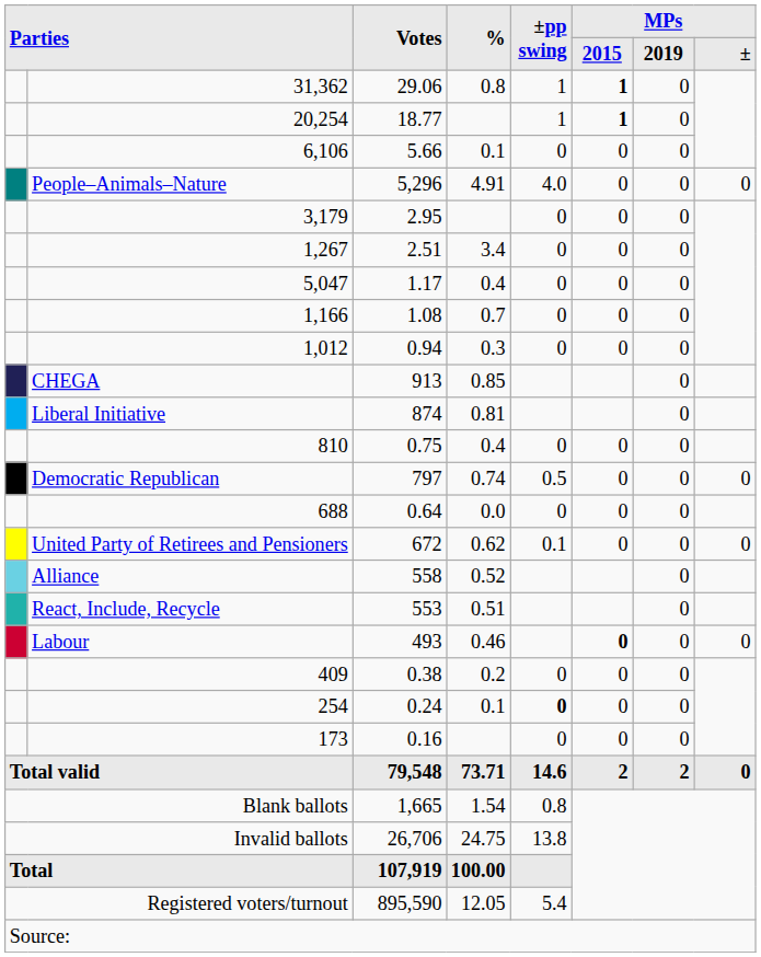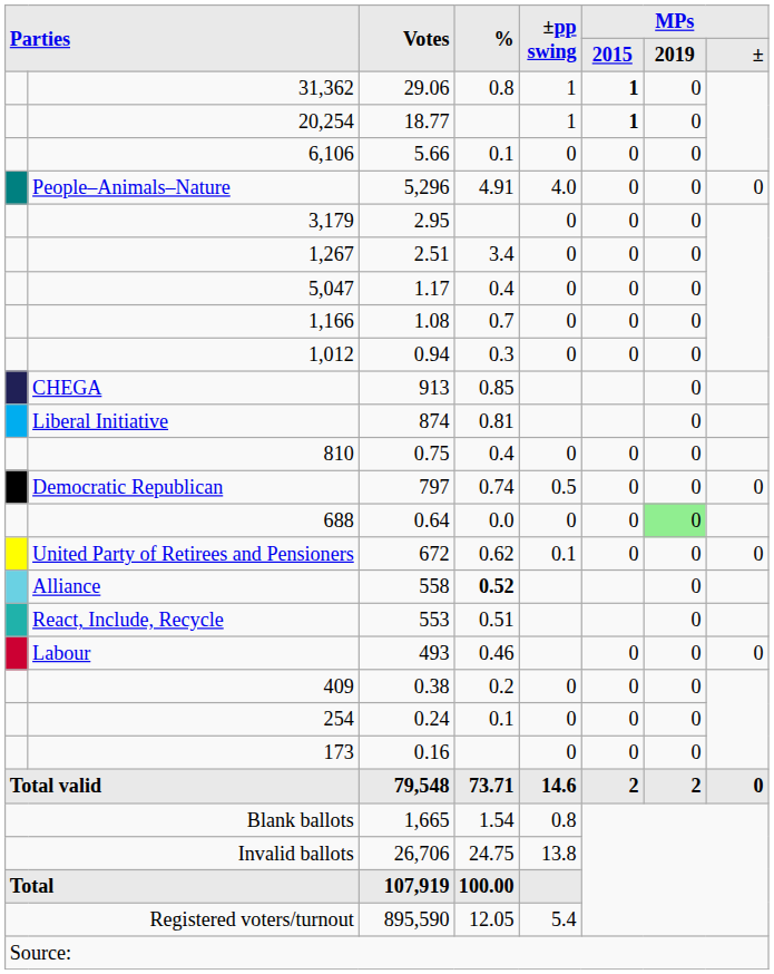 <table class="wikitable" style="text-align:right; font-size:95%;">
 <tr>
 <th rowspan="2" colspan="2" style="background:#e9e9e9; text-align:left;" alignleft><a href='#'>Parties</a></th>
 <th rowspan="2" style="background:#e9e9e9; text-align:right;">Votes</th>
 <th rowspan="2" style="background:#e9e9e9; text-align:right;">%</th>
 <th rowspan="2" style="background:#e9e9e9; text-align:right;">±<a href='#'>pp</a> <a href='#'>swing</a></th>
 <th colspan="3" style="background:#e9e9e9; text-align:center;"><a href='#'>MPs</a></th>
 </tr>
 <tr style="background-color:#E9E9E9">
 <th style="background-color:#E9E9E9;text-align:center;"><a href='#'>2015</a></th>
 <th style="background-color:#E9E9E9;text-align:center;">2019</th>
 <th style="background:#e9e9e9; text-align:right;">±</th>
 </tr>
 <tr>
 <td></td>
 <td>31,362</td>
 <td>29.06</td>
 <td>0.8</td>
 <td>1</td>
 <td><strong>1</strong></td>
 <td>0</td>
 </tr>
 <tr>
 <td></td>
 <td>20,254</td>
 <td>18.77</td>
 <td></td>
 <td>1</td>
 <td><strong>1</strong></td>
 <td>0</td>
 </tr>
 <tr>
 <td></td>
 <td>6,106</td>
 <td>5.66</td>
 <td>0.1</td>
 <td>0</td>
 <td>0</td>
 <td>0</td>
 </tr>
 <tr>
 <td style="width: 10px" bgcolor="teal" align="center"></td>
 <td align="left"><a href='#'>People–Animals–Nature</a></td>
 <td>5,296</td>
 <td>4.91</td>
 <td>4.0</td>
 <td>0</td>
 <td>0</td>
 <td>0</td>
 </tr>
 <tr>
 <td></td>
 <td>3,179</td>
 <td>2.95</td>
 <td></td>
 <td>0</td>
 <td>0</td>
 <td>0</td>
 </tr>
 <tr>
 <td></td>
 <td>1,267</td>
 <td>2.51</td>
 <td>3.4</td>
 <td>0</td>
 <td>0</td>
 <td>0</td>
 </tr>
 <tr>
 <td></td>
 <td>5,047</td>
 <td>1.17</td>
 <td>0.4</td>
 <td>0</td>
 <td>0</td>
 <td>0</td>
 </tr>
 <tr>
 <td></td>
 <td>1,166</td>
 <td>1.08</td>
 <td>0.7</td>
 <td>0</td>
 <td>0</td>
 <td>0</td>
 </tr>
 <tr>
 <td></td>
 <td>1,012</td>
 <td>0.94</td>
 <td>0.3</td>
 <td>0</td>
 <td>0</td>
 <td>0</td>
 </tr>
 <tr>
 <td style="width: 10px" bgcolor="#202056" align="center"></td>
 <td align="left"><a href='#'>CHEGA</a></td>
 <td>913</td>
 <td>0.85</td>
 <td></td>
 <td></td>
 <td>0</td>
 <td></td>
 </tr>
 <tr>
 <td style="width: 10px" bgcolor="#00ADEF" align="center"></td>
 <td align="left"><a href='#'>Liberal Initiative</a></td>
 <td>874</td>
 <td>0.81</td>
 <td></td>
 <td></td>
 <td>0</td>
 <td></td>
 </tr>
 <tr>
 <td></td>
 <td>810</td>
 <td>0.75</td>
 <td>0.4</td>
 <td>0</td>
 <td>0</td>
 <td>0</td>
 </tr>
 <tr>
 <td style="width: 10px" bgcolor=black align="center"></td>
 <td align=left><a href='#'>Democratic Republican</a></td>
 <td>797</td>
 <td>0.74</td>
 <td>0.5</td>
 <td>0</td>
 <td>0</td>
 <td>0</td>
 </tr>
 <tr>
 <td></td>
 <td>688</td>
 <td>0.64</td>
 <td>0.0</td>
 <td>0</td>
 <td>0</td>
-<td>0</td>
+<td style="background: lightgreen;">0</td>
 </tr>
 <tr>
 <td style="width: 10px" bgcolor=yellow align="center"></td>
 <td align=left><a href='#'>United Party of Retirees and Pensioners</a></td>
 <td>672</td>
 <td>0.62</td>
 <td>0.1</td>
 <td>0</td>
 <td>0</td>
 <td>0</td>
 </tr>
 <tr>
 <td style="width: 10px" bgcolor="#6AD1E3" align="center"></td>
 <td align="left"><a href='#'>Alliance</a></td>
 <td>558</td>
-<td>0.52</td>
+<td><strong>0.52</strong></td>
 <td></td>
 <td></td>
 <td>0</td>
 <td></td>
 </tr>
 <tr>
 <td style="width: 10px" bgcolor=LightSeaGreen align="center"></td>
 <td align=left><a href='#'>React, Include, Recycle</a></td>
 <td>553</td>
 <td>0.51</td>
 <td></td>
 <td></td>
 <td>0</td>
 <td></td>
 </tr>
 <tr>
 <td style="width: 10px" bgcolor=#CC0033 align="center"></td>
 <td align=left><a href='#'>Labour</a></td>
 <td>493</td>
 <td>0.46</td>
 <td></td>
-<td><strong>0</strong></td>
+<td>0</td>
 <td>0</td>
 <td>0</td>
 </tr>
 <tr>
 <td></td>
 <td>409</td>
 <td>0.38</td>
 <td>0.2</td>
 <td>0</td>
 <td>0</td>
 <td>0</td>
 </tr>
 <tr>
 <td></td>
 <td>254</td>
 <td>0.24</td>
 <td>0.1</td>
-<td><strong>0</strong></td>
+<td>0</td>
 <td>0</td>
 <td>0</td>
 </tr>
 <tr>
 <td></td>
 <td>173</td>
 <td>0.16</td>
 <td></td>
 <td>0</td>
 <td>0</td>
 <td>0</td>
 </tr>
 <tr>
 <td colspan=2 align=left style="background-color:#E9E9E9"><strong>Total valid</strong></td>
 <td width="65" align="right" style="background-color:#E9E9E9"><strong>79,548</strong></td>
 <td width="40" align="right" style="background-color:#E9E9E9"><strong>73.71</strong></td>
 <td width="40" align="right" style="background-color:#E9E9E9"><strong>14.6</strong></td>
 <td width="40" align="right" style="background-color:#E9E9E9"><strong>2</strong></td>
 <td width="40" align="right" style="background-color:#E9E9E9"><strong>2</strong></td>
 <td width="40" align="right" style="background-color:#E9E9E9"><strong>0</strong></td>
 </tr>
 <tr>
 <td colspan=2>Blank ballots</td>
 <td>1,665</td>
 <td>1.54</td>
 <td>0.8</td>
 <td colspan=4 rowspan=4></td>
 </tr>
 <tr>
 <td colspan=2>Invalid ballots</td>
 <td>26,706</td>
 <td>24.75</td>
 <td>13.8</td>
 </tr>
 <tr>
 <td colspan=2 width="259" align=left style="background-color:#E9E9E9"><strong>Total</strong></td>
 <td width="50" align="right" style="background-color:#E9E9E9"><strong>107,919</strong></td>
 <td width="40" align="right" style="background-color:#E9E9E9"><strong>100.00</strong></td>
 <td width="40" align="right" style="background-color:#E9E9E9"></td>
 </tr>
 <tr>
 <td colspan=2>Registered voters/turnout</td>
 <td>895,590</td>
 <td>12.05</td>
 <td>5.4</td>
 </tr>
 <tr>
 <td colspan=11 align=left>Source: </td>
 </tr>
 </table>
